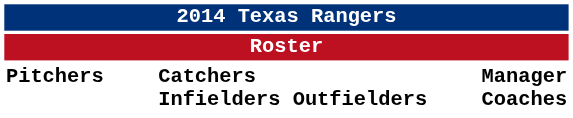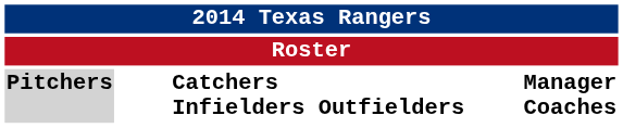 <table class="toccolours" style="font-size: 95%;">
 <tr>
 <th colspan="10" style="background:#003279; color:#fff; text-align:center;">2014 Texas Rangers</th>
 </tr>
 <tr>
 <td colspan="10" style="background:#bd1021; color:white; text-align:center;"><strong>Roster</strong></td>
 </tr>
 <tr>
-<td valign="top"><strong>Pitchers</strong><br>                                    </td>
+<td valign="top" style="background: lightgrey;"><strong>Pitchers</strong><br>                                    </td>
 <td style="width:25px;"></td>
 <td valign="top"><strong>Catchers</strong><br>     <strong>Infielders</strong>              <strong>Outfielders</strong>         </td>
 <td style="width:25px;"></td>
 <td valign="top"><strong>Manager</strong><br>   <strong>Coaches</strong>                 </td>
 </tr>
 </table>
